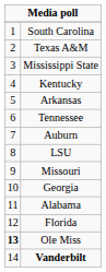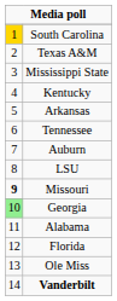 <table class="wikitable">
 <tr align="center">
 <td align="center" Colspan="3"><strong>Media poll</strong></td>
 </tr>
 <tr align="center">
 </tr>
 <tr align="center">
-<td>1</td>
+<td style="background: gold;">1</td>
 <td>South Carolina</td>
 </tr>
 <tr align="center">
 <td>2</td>
 <td>Texas A&M</td>
 </tr>
 <tr align="center">
 <td>3</td>
 <td>Mississippi State</td>
 </tr>
 <tr align="center">
 <td>4</td>
 <td>Kentucky</td>
 </tr>
 <tr align="center">
 <td>5</td>
 <td>Arkansas</td>
 </tr>
 <tr align="center">
 <td>6</td>
 <td>Tennessee</td>
 </tr>
 <tr align="center">
 <td>7</td>
 <td>Auburn</td>
 </tr>
 <tr align="center">
 <td>8</td>
 <td>LSU</td>
 </tr>
 <tr align="center">
-<td>9</td>
+<td><strong>9</strong></td>
 <td>Missouri</td>
 </tr>
 <tr align="center">
-<td>10</td>
+<td style="background: lightgreen;">10</td>
 <td>Georgia</td>
 </tr>
 <tr align="center">
 <td>11</td>
 <td>Alabama</td>
 </tr>
 <tr align="center">
 <td>12</td>
 <td>Florida</td>
 </tr>
 <tr align="center">
-<td><strong>13</strong></td>
+<td>13</td>
 <td>Ole Miss</td>
 </tr>
 <tr align="center">
 <td>14</td>
 <td><strong>Vanderbilt</strong></td>
 </tr>
 </table>
